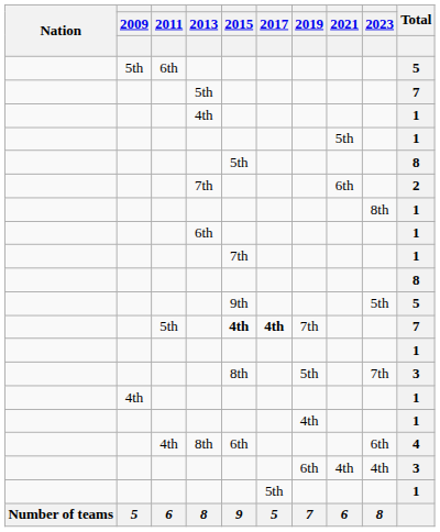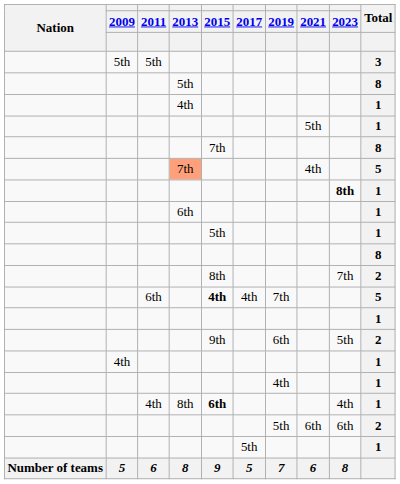 <table class="wikitable plainrowheaders sortable" style="text-align:center; font-size:90%">
 <tr>
 <th scope="col" rowspan="3">Nation</th>
 <th></th>
 <th></th>
 <th></th>
 <th></th>
 <th></th>
 <th></th>
 <th></th>
 <th></th>
 <th scope="col" rowspan="2">Total</th>
 </tr>
 <tr>
 <th><a href='#'>2009</a></th>
 <th><a href='#'>2011</a></th>
 <th><a href='#'>2013</a></th>
 <th><a href='#'>2015</a></th>
 <th><a href='#'>2017</a></th>
 <th><a href='#'>2019</a></th>
 <th><a href='#'>2021</a></th>
 <th><a href='#'>2023</a></th>
 </tr>
 <tr>
 <th height=15px></th>
 <th></th>
 <th></th>
 <th></th>
 <th></th>
 <th></th>
 <th></th>
 <th></th>
 <th></th>
 </tr>
 <tr>
 <td align=left></td>
 <td>5th</td>
-<td>6th</td>
+<td>5th</td>
 <td data-sort-value="99"></td>
 <td data-sort-value="99"></td>
 <td data-sort-value="99"></td>
 <td data-sort-value="99"></td>
 <td data-sort-value="3"></td>
 <td data-sort-value="99"></td>
-<th>5</th>
+<th>3</th>
 </tr>
 <tr>
 <td align=left></td>
 <td data-sort-value="3"></td>
 <td data-sort-value="3"></td>
 <td>5th</td>
 <td data-sort-value="3"></td>
 <td data-sort-value="2"></td>
 <td data-sort-value="3"></td>
 <td data-sort-value="99"></td>
 <td data-sort-value="3"></td>
-<th>7</th>
+<th>8</th>
 </tr>
 <tr>
 <td align=left></td>
 <td data-sort-value="99"></td>
 <td data-sort-value="99"></td>
 <td>4th</td>
 <td data-sort-value="99"></td>
 <td data-sort-value="99"></td>
 <td data-sort-value="99"></td>
 <td data-sort-value="99"></td>
 <td data-sort-value="99"></td>
 <th>1</th>
 </tr>
 <tr>
 <td align=left></td>
 <td data-sort-value="99"></td>
 <td data-sort-value="99"></td>
 <td data-sort-value="99"></td>
 <td data-sort-value="99"></td>
 <td data-sort-value="99"></td>
 <td data-sort-value="99"></td>
 <td>5th</td>
 <td data-sort-value="99"></td>
 <th>1</th>
 </tr>
 <tr>
 <td align=left></td>
 <td data-sort-value="2"></td>
 <td data-sort-value="2"></td>
 <td data-sort-value="2"></td>
-<td>5th</td>
+<td>7th</td>
 <td data-sort-value="3"></td>
 <td data-sort-value="2"></td>
 <td data-sort-value="2"></td>
 <td data-sort-value="2"></td>
 <th>8</th>
 </tr>
 <tr>
 <td align=left></td>
 <td data-sort-value="99"></td>
 <td data-sort-value="99"></td>
-<td>7th</td>
+<td style="background: lightsalmon;">7th</td>
 <td data-sort-value="99"></td>
 <td data-sort-value="99"></td>
 <td data-sort-value="99"></td>
-<td>6th</td>
+<td>4th</td>
 <td data-sort-value="99"></td>
-<th>2</th>
+<th>5</th>
 </tr>
 <tr>
 <td align=left></td>
 <td data-sort-value="99"></td>
 <td data-sort-value="99"></td>
 <td data-sort-value="99"></td>
 <td data-sort-value="99"></td>
 <td data-sort-value="99"></td>
 <td data-sort-value="99"></td>
 <td data-sort-value="99"></td>
-<td>8th</td>
+<td><strong>8th</strong></td>
 <th>1</th>
 </tr>
 <tr>
 <td align="left"></td>
 <td data-sort-value="99"></td>
 <td data-sort-value="99"></td>
 <td>6th</td>
 <td data-sort-value="99"></td>
 <td data-sort-value="99"></td>
 <td data-sort-value="99"></td>
 <td data-sort-value="99"></td>
 <td data-sort-value="99"></td>
 <th>1</th>
 </tr>
 <tr>
 <td align="left"></td>
 <td data-sort-value="99"></td>
 <td data-sort-value="99"></td>
 <td data-sort-value="99"></td>
-<td>7th</td>
+<td>5th</td>
 <td data-sort-value="99"></td>
 <td data-sort-value="99"></td>
 <td data-sort-value="99"></td>
 <td data-sort-value="99"></td>
 <th>1</th>
 </tr>
 <tr>
 <td align="left"></td>
 <td data-sort-value="1"></td>
 <td data-sort-value="1"></td>
 <td data-sort-value="1"></td>
 <td data-sort-value="1"></td>
 <td data-sort-value="1"></td>
 <td data-sort-value="1"></td>
 <td data-sort-value="1"></td>
 <td data-sort-value="1"></td>
 <th>8</th>
 </tr>
 <tr>
 <td align="left"></td>
 <td data-sort-value="99"></td>
 <td data-sort-value="99"></td>
 <td data-sort-value="99"></td>
-<td>9th</td>
+<td>8th</td>
 <td data-sort-value="99"></td>
 <td data-sort-value="99"></td>
 <td data-sort-value="99"></td>
-<td>5th</td>
-<th>5</th>
+<td>7th</td>
+<th>2</th>
 </tr>
 <tr>
 <td align="left"></td>
 <td data-sort-value="99"></td>
-<td>5th</td>
+<td>6th</td>
 <td data-sort-value="3"></td>
 <td><strong>4th</strong></td>
-<td><strong>4th</strong></td>
+<td>4th</td>
 <td>7th</td>
 <td data-sort-value="99"></td>
 <td data-sort-value="99"></td>
-<th>7</th>
+<th>5</th>
 </tr>
 <tr>
 <td align="left"></td>
 <td data-sort-value="99"></td>
 <td data-sort-value="99"></td>
 <td data-sort-value="99"></td>
 <td data-sort-value="2"></td>
 <td data-sort-value="99"></td>
 <td data-sort-value="99"></td>
 <td data-sort-value="99"></td>
 <td data-sort-value="99"></td>
 <th>1</th>
 </tr>
 <tr>
 <td align="left"></td>
 <td data-sort-value="99"></td>
 <td data-sort-value="99"></td>
 <td data-sort-value="99"></td>
-<td>8th</td>
+<td>9th</td>
+<td data-sort-value="99"></td>
+<td>6th</td>
 <td data-sort-value="99"></td>
 <td>5th</td>
-<td data-sort-value="99"></td>
-<td>7th</td>
-<th>3</th>
+<th>2</th>
 </tr>
 <tr>
 <td align="left"></td>
 <td>4th</td>
 <td data-sort-value="99"></td>
 <td data-sort-value="99"></td>
 <td data-sort-value="99"></td>
 <td data-sort-value="99"></td>
 <td data-sort-value="99"></td>
 <td data-sort-value="99"></td>
 <td data-sort-value="99"></td>
 <th>1</th>
 </tr>
 <tr>
 <td align="left"></td>
 <td data-sort-value="99"></td>
 <td data-sort-value="99"></td>
 <td data-sort-value="99"></td>
 <td data-sort-value="99"></td>
 <td data-sort-value="99"></td>
 <td>4th</td>
 <td data-sort-value="99"></td>
 <td data-sort-value="99"></td>
 <th>1</th>
 </tr>
 <tr>
 <td align="left"></td>
 <td data-sort-value="99"></td>
 <td>4th</td>
 <td>8th</td>
-<td>6th</td>
+<td><strong>6th</strong></td>
 <td data-sort-value="99"></td>
 <td data-sort-value="99"></td>
 <td data-sort-value="99"></td>
-<td>6th</td>
-<th>4</th>
+<td>4th</td>
+<th>1</th>
 </tr>
 <tr>
 <td align="left"></td>
 <td data-sort-value="99"></td>
 <td data-sort-value="99"></td>
 <td data-sort-value="99"></td>
 <td data-sort-value="99"></td>
 <td data-sort-value="99"></td>
+<td>5th</td>
 <td>6th</td>
-<td>4th</td>
-<td>4th</td>
-<th>3</th>
+<td>6th</td>
+<th>2</th>
 </tr>
 <tr>
 <td align="left"></td>
 <td data-sort-value="99"></td>
 <td data-sort-value="99"></td>
 <td data-sort-value="99"></td>
 <td data-sort-value="99"></td>
 <td>5th</td>
 <td data-sort-value="99"></td>
 <td data-sort-value="99"></td>
 <td data-sort-value="99"></td>
 <th>1</th>
 </tr>
 <tr>
 <th>Number of teams</th>
 <th><em>5</em></th>
 <th><em>6</em></th>
 <th><em>8</em></th>
 <th><em>9</em></th>
 <th><em>5</em></th>
 <th><em>7</em></th>
 <th><em>6</em></th>
 <th><em>8</em></th>
 <th></th>
 </tr>
 </table>
